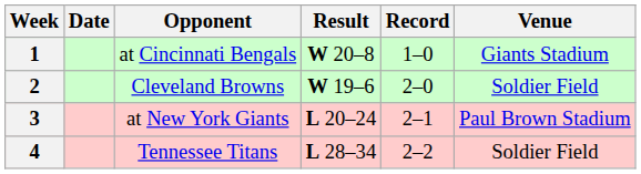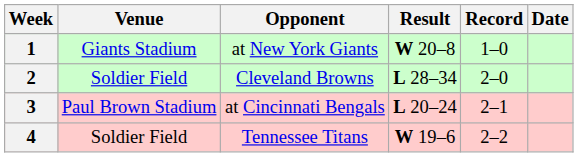 <table class="wikitable" style="text-align:center">
 <tr>
 <th>Week</th>
-<th>Date</th>
+<th>Venue</th>
 <th>Opponent</th>
 <th>Result</th>
 <th>Record</th>
-<th>Venue</th>
+<th>Date</th>
 </tr>
 <tr style="background:#cfc">
 <th>1</th>
-<td></td>
-<td>at <a href='#'>Cincinnati Bengals</a></td>
+<td><a href='#'>Giants Stadium</a></td>
+<td>at <a href='#'>New York Giants</a></td>
 <td><strong>W</strong> 20–8</td>
 <td>1–0</td>
-<td><a href='#'>Giants Stadium</a></td>
+<td></td>
 </tr>
 <tr style="background:#cfc">
 <th>2</th>
+<td><a href='#'>Soldier Field</a></td>
+<td><a href='#'>Cleveland Browns</a></td>
+<td><strong>L</strong> 28–34</td>
+<td>2–0</td>
 <td></td>
-<td><a href='#'>Cleveland Browns</a></td>
-<td><strong>W</strong> 19–6</td>
-<td>2–0</td>
-<td><a href='#'>Soldier Field</a></td>
 </tr>
 <tr style="background:#fcc">
 <th>3</th>
-<td></td>
-<td>at <a href='#'>New York Giants</a></td>
+<td><a href='#'>Paul Brown Stadium</a></td>
+<td>at <a href='#'>Cincinnati Bengals</a></td>
 <td><strong>L</strong> 20–24</td>
 <td>2–1</td>
-<td><a href='#'>Paul Brown Stadium</a></td>
+<td></td>
 </tr>
 <tr style="background:#fcc">
 <th>4</th>
+<td>Soldier Field</td>
+<td><a href='#'>Tennessee Titans</a></td>
+<td><strong>W</strong> 19–6</td>
+<td>2–2</td>
 <td></td>
-<td><a href='#'>Tennessee Titans</a></td>
-<td><strong>L</strong> 28–34</td>
-<td>2–2</td>
-<td>Soldier Field</td>
 </tr>
 </table>
